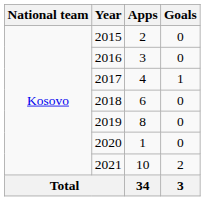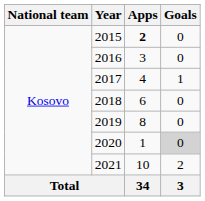 <table class="wikitable" style="text-align:center">
 <tr>
 <th>National team</th>
 <th>Year</th>
 <th>Apps</th>
 <th>Goals</th>
 </tr>
 <tr>
 <td rowspan="7"><a href='#'>Kosovo</a></td>
 <td>2015</td>
-<td>2</td>
+<td><strong>2</strong></td>
 <td>0</td>
 </tr>
 <tr>
 <td>2016</td>
 <td>3</td>
 <td>0</td>
 </tr>
 <tr>
 <td>2017</td>
 <td>4</td>
 <td>1</td>
 </tr>
 <tr>
 <td>2018</td>
 <td>6</td>
 <td>0</td>
 </tr>
 <tr>
 <td>2019</td>
 <td>8</td>
 <td>0</td>
 </tr>
 <tr>
 <td>2020</td>
 <td>1</td>
-<td>0</td>
+<td style="background: lightgrey;">0</td>
 </tr>
 <tr>
 <td>2021</td>
 <td>10</td>
 <td>2</td>
 </tr>
 <tr>
 <th colspan="2">Total</th>
 <th>34</th>
 <th>3</th>
 </tr>
 </table>
